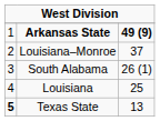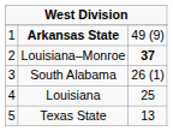 <table class="wikitable">
 <tr align="center">
 <td align="center" Colspan="3"><strong>West Division</strong></td>
 </tr>
 <tr align="center">
 </tr>
 <tr align="center">
 <td>1</td>
 <td><strong>Arkansas State</strong></td>
-<td><strong>49 (9)</strong></td>
+<td>49 (9)</td>
 </tr>
 <tr align="center">
 <td>2</td>
 <td>Louisiana–Monroe</td>
-<td>37</td>
+<td><strong>37</strong></td>
 </tr>
 <tr align="center">
 <td>3</td>
 <td>South Alabama</td>
 <td>26 (1)</td>
 </tr>
 <tr align="center">
 <td>4</td>
 <td>Louisiana</td>
 <td>25</td>
 </tr>
 <tr align="center">
-<td><strong>5</strong></td>
+<td>5</td>
 <td>Texas State</td>
 <td>13</td>
 </tr>
 </table>
